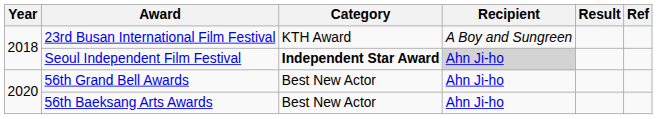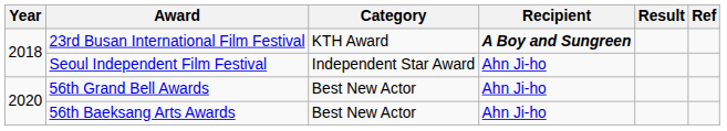 <table class="wikitable">
 <tr>
 <th>Year</th>
 <th>Award</th>
 <th>Category</th>
 <th>Recipient</th>
 <th>Result</th>
 <th>Ref</th>
 </tr>
 <tr>
 <td rowspan=2>2018</td>
 <td><a href='#'>23rd Busan International Film Festival</a></td>
 <td>KTH Award</td>
-<td><em>A Boy and Sungreen</em></td>
+<td><strong><em>A Boy and Sungreen</em></strong></td>
 <td></td>
 <td></td>
 </tr>
 <tr>
 <td><a href='#'>Seoul Independent Film Festival</a></td>
-<td><strong>Independent Star Award</strong></td>
-<td style="background: lightgrey;"><a href='#'>Ahn Ji-ho</a></td>
+<td>Independent Star Award</td>
+<td><a href='#'>Ahn Ji-ho</a></td>
 <td></td>
 <td></td>
 </tr>
 <tr>
 <td rowspan=2>2020</td>
 <td><a href='#'>56th Grand Bell Awards</a></td>
 <td>Best New Actor</td>
 <td><a href='#'>Ahn Ji-ho</a></td>
 <td></td>
 <td></td>
 </tr>
 <tr>
 <td><a href='#'>56th Baeksang Arts Awards</a></td>
 <td>Best New Actor</td>
 <td><a href='#'>Ahn Ji-ho</a></td>
 <td></td>
 <td></td>
 </tr>
 </table>
